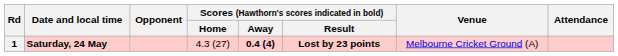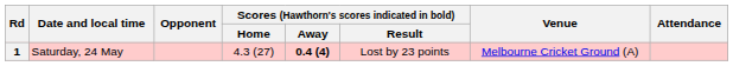 <table class="wikitable" style="font-size:90%; text-align:center; width: 100%; margin-left: auto; margin-right: auto">
 <tr>
 <th rowspan="2">Rd</th>
 <th rowspan="2">Date and local time</th>
 <th rowspan="2">Opponent</th>
 <th colspan="3">Scores <small>(Hawthorn's scores indicated in bold)</small></th>
 <th rowspan="2">Venue</th>
 <th rowspan="2">Attendance</th>
 </tr>
 <tr>
 <th>Home</th>
 <th>Away</th>
 <th>Result</th>
 </tr>
 <tr style="background:#fcc;">
 <th>1</th>
-<td align=left><strong>Saturday, 24 May</strong></td>
+<td align=left>Saturday, 24 May</td>
 <td align=left></td>
 <td>4.3 (27)</td>
 <td><strong>0.4 (4)</strong></td>
-<td><strong>Lost by 23 points</strong></td>
+<td>Lost by 23 points</td>
 <td><a href='#'>Melbourne Cricket Ground</a> (A)</td>
 <td></td>
 </tr>
 </table>
